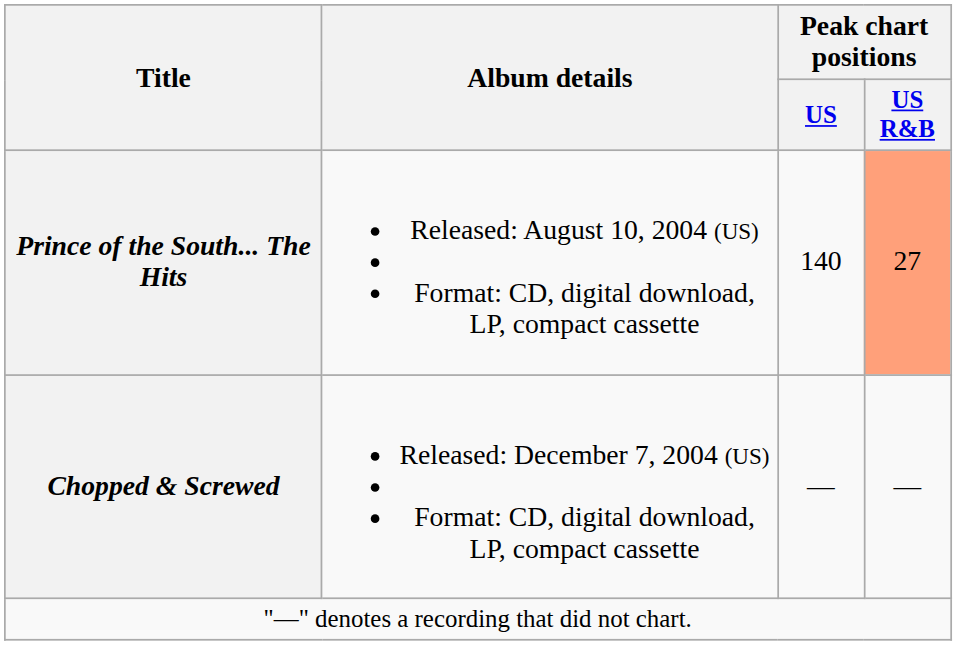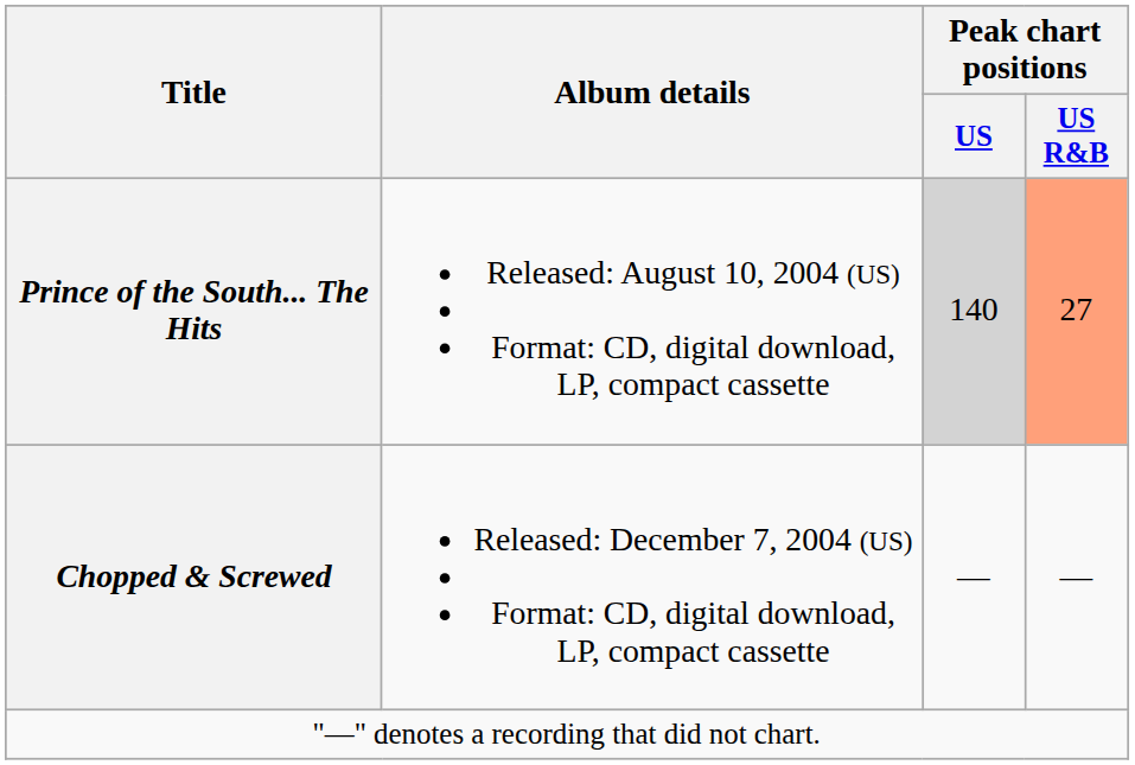 <table class="wikitable plainrowheaders" style="text-align:center;">
 <tr>
 <th scope="col" rowspan="2" style="width:11em;">Title</th>
 <th scope="col" rowspan="2" style="width:16em;">Album details</th>
 <th scope="col" colspan="3">Peak chart positions</th>
 </tr>
 <tr>
 <th style="width:3em;font-size:90%;"><a href='#'>US</a><br></th>
 <th style="width:3em;font-size:90%;"><a href='#'>US<br>R&B</a><br></th>
 </tr>
 <tr>
 <th scope="row"><em>Prince of the South... The Hits</em></th>
 <td><br><ul><li>Released: August 10, 2004 <small>(US)</small></li><li></li><li>Format: CD, digital download, LP, compact cassette</li></ul></td>
-<td>140</td>
+<td style="background: lightgrey;">140</td>
 <td style="background: lightsalmon;">27</td>
 </tr>
 <tr>
 <th scope="row"><em>Chopped & Screwed</em></th>
 <td><br><ul><li>Released: December 7, 2004 <small>(US)</small></li><li></li><li>Format: CD, digital download, LP, compact cassette</li></ul></td>
 <td>—</td>
 <td>—</td>
 </tr>
 <tr>
 <td colspan="5" style="font-size:90%">"—" denotes a recording that did not chart.</td>
 </tr>
 </table>
